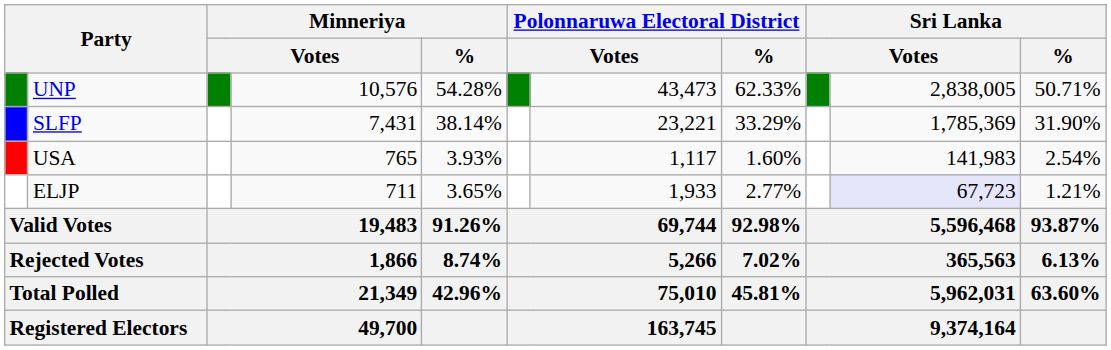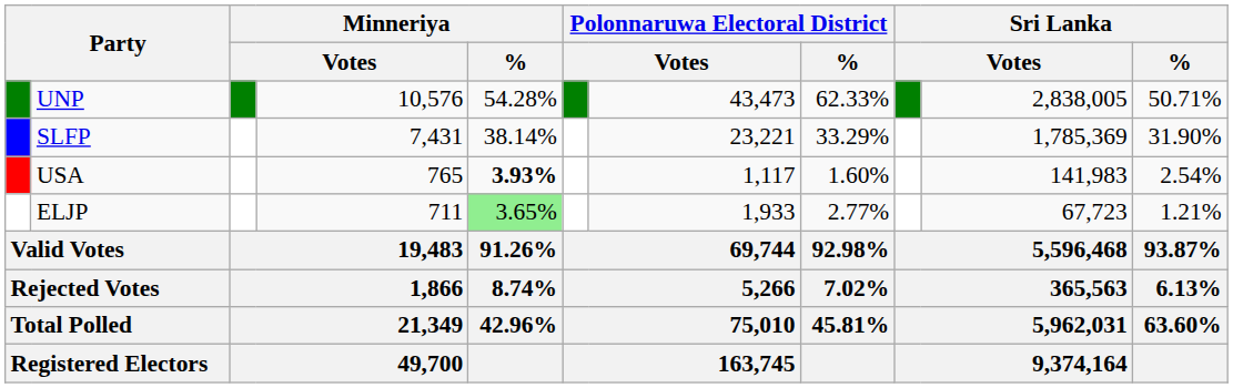 <table class="wikitable">
 <tr>
 <th colspan="2" width="144px"rowspan="2">Party</th>
 <th colspan="3" width="216px">Minneriya</th>
 <th colspan="3" width="216px"><a href='#'>Polonnaruwa Electoral District</a></th>
 <th colspan="3" width="216px">Sri Lanka</th>
 </tr>
 <tr>
 <th colspan="2" width="144px">Votes</th>
 <th>%</th>
 <th colspan="2" width="144px">Votes</th>
 <th>%</th>
 <th colspan="2" width="144px">Votes</th>
 <th>%</th>
 </tr>
 <tr>
 <td style="background-color:green;" width="10px"></td>
 <td style="text-align:left;"><a href='#'>UNP</a></td>
 <td style="background-color:green;" width="10px"></td>
 <td style="text-align:right;">10,576</td>
 <td style="text-align:right;">54.28%</td>
 <td style="background-color:green;" width="10px"></td>
 <td style="text-align:right;">43,473</td>
 <td style="text-align:right;">62.33%</td>
 <td style="background-color:green;" width="10px"></td>
 <td style="text-align:right;">2,838,005</td>
 <td style="text-align:right;">50.71%</td>
 </tr>
 <tr>
 <td style="background-color:blue;" width="10px"></td>
 <td style="text-align:left;"><a href='#'>SLFP</a></td>
 <td style="background-color:white;" width="10px"></td>
 <td style="text-align:right;">7,431</td>
 <td style="text-align:right;">38.14%</td>
 <td style="background-color:white;" width="10px"></td>
 <td style="text-align:right;">23,221</td>
 <td style="text-align:right;">33.29%</td>
 <td style="background-color:white;" width="10px"></td>
 <td style="text-align:right;">1,785,369</td>
 <td style="text-align:right;">31.90%</td>
 </tr>
 <tr>
 <td style="background-color:red;" width="10px"></td>
 <td style="text-align:left;">USA</td>
 <td style="background-color:white;" width="10px"></td>
 <td style="text-align:right;">765</td>
-<td style="text-align:right;">3.93%</td>
+<td style="text-align:right;"><strong>3.93%</strong></td>
 <td style="background-color:white;" width="10px"></td>
 <td style="text-align:right;">1,117</td>
 <td style="text-align:right;">1.60%</td>
 <td style="background-color:white;" width="10px"></td>
 <td style="text-align:right;">141,983</td>
 <td style="text-align:right;">2.54%</td>
 </tr>
 <tr>
 <td style="background-color:white;" width="10px"></td>
 <td style="text-align:left;">ELJP</td>
 <td style="background-color:white;" width="10px"></td>
 <td style="text-align:right;">711</td>
-<td style="text-align:right;">3.65%</td>
+<td style="background: lightgreen; text-align:right;">3.65%</td>
 <td style="background-color:white;" width="10px"></td>
 <td style="text-align:right;">1,933</td>
 <td style="text-align:right;">2.77%</td>
 <td style="background-color:white;" width="10px"></td>
-<td style="background: lavender; text-align:right;">67,723</td>
+<td style="text-align:right;">67,723</td>
 <td style="text-align:right;">1.21%</td>
 </tr>
 <tr>
 <th colspan="2" width="144px"style="text-align:left;">Valid Votes</th>
 <th style="text-align:right;"colspan="2" width="144px">19,483</th>
 <th style="text-align:right;">91.26%</th>
 <th style="text-align:right;"colspan="2" width="144px">69,744</th>
 <th style="text-align:right;">92.98%</th>
 <th style="text-align:right;"colspan="2" width="144px">5,596,468</th>
 <th style="text-align:right;">93.87%</th>
 </tr>
 <tr>
 <th colspan="2" width="144px"style="text-align:left;">Rejected Votes</th>
 <th style="text-align:right;"colspan="2" width="144px">1,866</th>
 <th style="text-align:right;">8.74%</th>
 <th style="text-align:right;"colspan="2" width="144px">5,266</th>
 <th style="text-align:right;">7.02%</th>
 <th style="text-align:right;"colspan="2" width="144px">365,563</th>
 <th style="text-align:right;">6.13%</th>
 </tr>
 <tr>
 <th colspan="2" width="144px"style="text-align:left;">Total Polled</th>
 <th style="text-align:right;"colspan="2" width="144px">21,349</th>
 <th style="text-align:right;">42.96%</th>
 <th style="text-align:right;"colspan="2" width="144px">75,010</th>
 <th style="text-align:right;">45.81%</th>
 <th style="text-align:right;"colspan="2" width="144px">5,962,031</th>
 <th style="text-align:right;">63.60%</th>
 </tr>
 <tr>
 <th colspan="2" width="144px"style="text-align:left;">Registered Electors</th>
 <th style="text-align:right;"colspan="2" width="144px">49,700</th>
 <th></th>
 <th style="text-align:right;"colspan="2" width="144px">163,745</th>
 <th></th>
 <th style="text-align:right;"colspan="2" width="144px">9,374,164</th>
 <th></th>
 </tr>
 </table>
